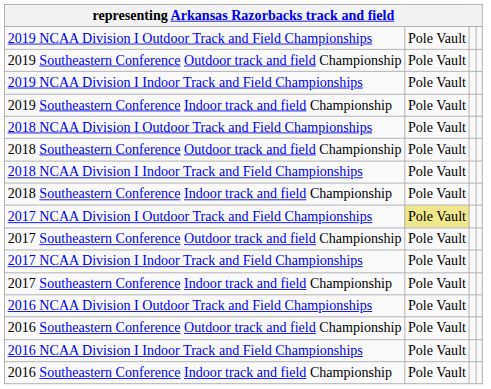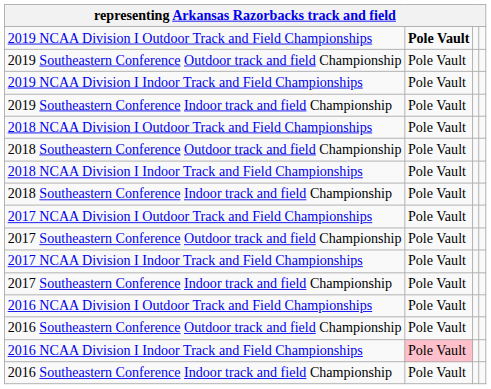 <table class="wikitable sortable">
 <tr>
 <th colspan="7">representing <a href='#'>Arkansas Razorbacks track and field</a></th>
 </tr>
 <tr>
 <td><a href='#'>2019 NCAA Division I Outdoor Track and Field Championships</a></td>
-<td>Pole Vault</td>
+<td><strong>Pole Vault</strong></td>
 <td></td>
 <td></td>
 </tr>
 <tr>
 <td>2019 <a href='#'>Southeastern Conference</a> <a href='#'>Outdoor track and field</a> Championship</td>
 <td>Pole Vault</td>
 <td></td>
 <td> </td>
 </tr>
 <tr>
 <td><a href='#'>2019 NCAA Division I Indoor Track and Field Championships</a></td>
 <td>Pole Vault</td>
 <td></td>
 <td> </td>
 </tr>
 <tr>
 <td>2019 <a href='#'>Southeastern Conference</a> <a href='#'>Indoor track and field</a> Championship</td>
 <td>Pole Vault</td>
 <td></td>
 <td> </td>
 </tr>
 <tr>
 <td><a href='#'>2018 NCAA Division I Outdoor Track and Field Championships</a></td>
 <td>Pole Vault</td>
 <td></td>
 <td> </td>
 </tr>
 <tr>
 <td>2018 <a href='#'>Southeastern Conference</a> <a href='#'>Outdoor track and field</a> Championship</td>
 <td>Pole Vault</td>
 <td></td>
 <td> </td>
 </tr>
 <tr>
 <td><a href='#'>2018 NCAA Division I Indoor Track and Field Championships</a></td>
 <td>Pole Vault</td>
 <td></td>
 <td> </td>
 </tr>
 <tr>
 <td>2018 <a href='#'>Southeastern Conference</a> <a href='#'>Indoor track and field</a> Championship</td>
 <td>Pole Vault</td>
 <td></td>
 <td> </td>
 </tr>
 <tr>
 <td><a href='#'>2017 NCAA Division I Outdoor Track and Field Championships</a></td>
-<td style="background: khaki;">Pole Vault</td>
+<td>Pole Vault</td>
 <td></td>
 <td> </td>
 </tr>
 <tr>
 <td>2017 <a href='#'>Southeastern Conference</a> <a href='#'>Outdoor track and field</a> Championship</td>
 <td>Pole Vault</td>
 <td></td>
 <td> </td>
 </tr>
 <tr>
 <td><a href='#'>2017 NCAA Division I Indoor Track and Field Championships</a></td>
 <td>Pole Vault</td>
 <td></td>
 <td></td>
 </tr>
 <tr>
 <td>2017 <a href='#'>Southeastern Conference</a> <a href='#'>Indoor track and field</a> Championship</td>
 <td>Pole Vault</td>
 <td></td>
 <td> </td>
 </tr>
 <tr>
 <td><a href='#'>2016 NCAA Division I Outdoor Track and Field Championships</a></td>
 <td>Pole Vault</td>
 <td></td>
 <td> </td>
 </tr>
 <tr>
 <td>2016 <a href='#'>Southeastern Conference</a> <a href='#'>Outdoor track and field</a> Championship</td>
 <td>Pole Vault</td>
 <td></td>
 <td> </td>
 </tr>
 <tr>
 <td><a href='#'>2016 NCAA Division I Indoor Track and Field Championships</a></td>
-<td>Pole Vault</td>
+<td style="background: pink;">Pole Vault</td>
 <td></td>
 <td> </td>
 </tr>
 <tr>
 <td>2016 <a href='#'>Southeastern Conference</a> <a href='#'>Indoor track and field</a> Championship</td>
 <td>Pole Vault</td>
 <td></td>
 <td> </td>
 </tr>
 </table>
